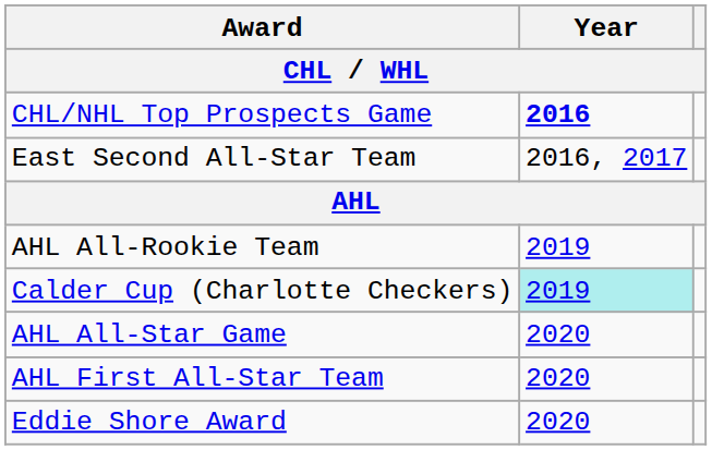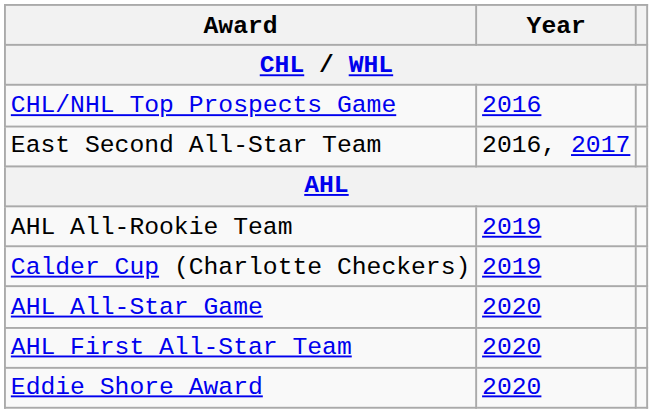 <table class="wikitable">
 <tr>
 <th>Award</th>
 <th>Year</th>
 <th></th>
 </tr>
 <tr ALIGN="center" bgcolor="#e0e0e0">
 <th colspan="3"><a href='#'>CHL</a> / <a href='#'>WHL</a></th>
 </tr>
 <tr>
 <td><a href='#'>CHL/NHL Top Prospects Game</a></td>
-<td><strong><a href='#'>2016</a></strong></td>
+<td><a href='#'>2016</a></td>
 <td></td>
 </tr>
 <tr>
 <td>East Second All-Star Team</td>
 <td>2016, <a href='#'>2017</a></td>
 <td></td>
 </tr>
 <tr ALIGN="center" bgcolor="#e0e0e0">
 <th colspan="3"><a href='#'>AHL</a></th>
 </tr>
 <tr>
 <td>AHL All-Rookie Team</td>
 <td><a href='#'>2019</a></td>
 <td></td>
 </tr>
 <tr>
 <td><a href='#'>Calder Cup</a> (Charlotte Checkers)</td>
-<td style="background: paleturquoise;"><a href='#'>2019</a></td>
+<td><a href='#'>2019</a></td>
 <td></td>
 </tr>
 <tr>
 <td><a href='#'>AHL All-Star Game</a></td>
 <td><a href='#'>2020</a></td>
 <td></td>
 </tr>
 <tr>
 <td><a href='#'>AHL First All-Star Team</a></td>
 <td><a href='#'>2020</a></td>
 <td></td>
 </tr>
 <tr>
 <td><a href='#'>Eddie Shore Award</a></td>
 <td><a href='#'>2020</a></td>
 <td></td>
 </tr>
 </table>
